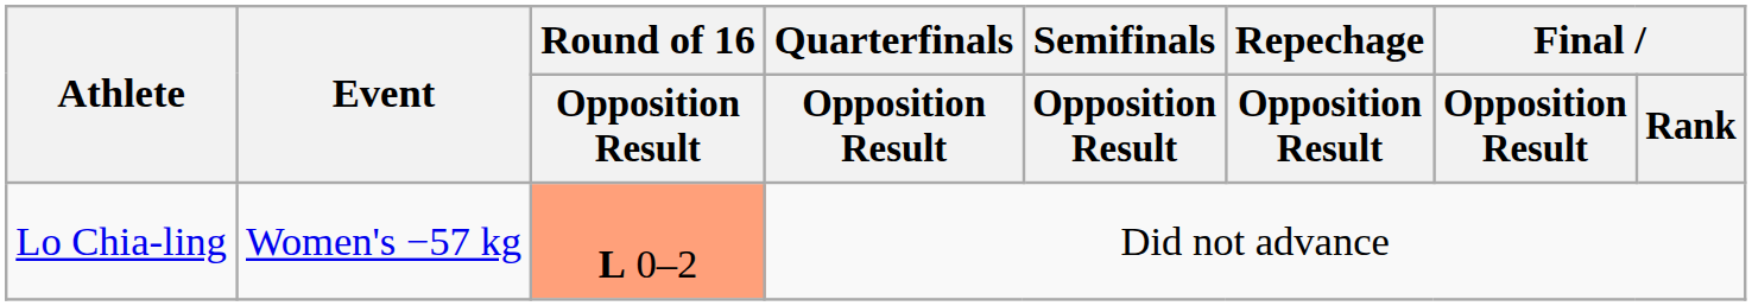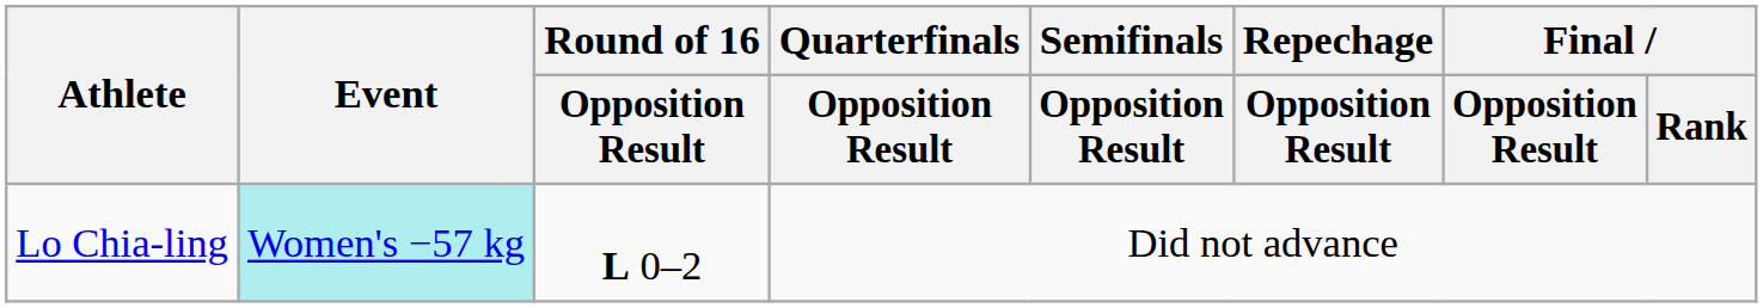 <table class="wikitable" style="font-size:90%; text-align:center">
 <tr>
 <th rowspan="2">Athlete</th>
 <th rowspan="2">Event</th>
 <th>Round of 16</th>
 <th>Quarterfinals</th>
 <th>Semifinals</th>
 <th>Repechage</th>
 <th colspan="2">Final / </th>
 </tr>
 <tr style=font-size:95%>
 <th>Opposition<br>Result</th>
 <th>Opposition<br>Result</th>
 <th>Opposition<br>Result</th>
 <th>Opposition<br>Result</th>
 <th>Opposition<br>Result</th>
 <th>Rank</th>
 </tr>
 <tr>
 <td align="left"><a href='#'>Lo Chia-ling</a></td>
-<td align="left"><a href='#'>Women's −57 kg</a></td>
-<td style="background: lightsalmon;"><br><strong>L</strong> 0–2</td>
+<td align="left" style="background: paleturquoise;"><a href='#'>Women's −57 kg</a></td>
+<td><br><strong>L</strong> 0–2</td>
 <td colspan="5">Did not advance</td>
 </tr>
 </table>
